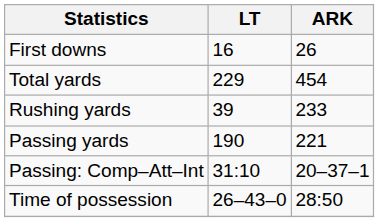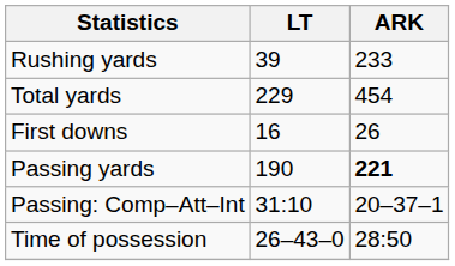 <table class="wikitable" style="float: left;">
 <tr>
 <th>Statistics</th>
 <th>LT</th>
 <th>ARK</th>
 </tr>
 <tr>
-<td>First downs</td>
-<td>16</td>
-<td>26</td>
+<td>Rushing yards</td>
+<td>39</td>
+<td>233</td>
 </tr>
 <tr>
 <td>Total yards</td>
 <td>229</td>
 <td>454</td>
 </tr>
 <tr>
-<td>Rushing yards</td>
-<td>39</td>
-<td>233</td>
+<td>First downs</td>
+<td>16</td>
+<td>26</td>
 </tr>
 <tr>
 <td>Passing yards</td>
 <td>190</td>
-<td>221</td>
+<td><strong>221</strong></td>
 </tr>
 <tr>
 <td>Passing: Comp–Att–Int</td>
 <td>31:10</td>
 <td>20–37–1</td>
 </tr>
 <tr>
 <td>Time of possession</td>
 <td>26–43–0</td>
 <td>28:50</td>
 </tr>
 <tr>
 </tr>
 </table>
